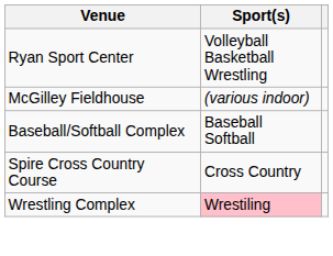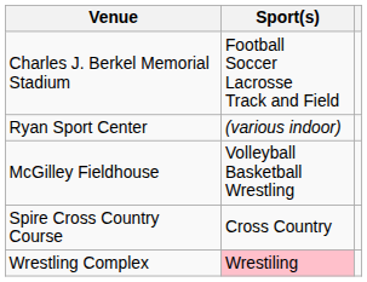 <table class="wikitable"; style= "text-align: ">
 <tr>
 <th width=200px>Venue</th>
 <th width=120px>Sport(s)</th>
 <th width=0px></th>
 </tr>
 <tr>
+<td>Charles J. Berkel Memorial Stadium</td>
+<td>Football  <br> Soccer <br> Lacrosse <br> Track and Field</td>
+<td></td>
+</tr>
+<tr>
 <td>Ryan Sport Center</td>
-<td>Volleyball <br> Basketball <br> Wrestling</td>
+<td><em>(various indoor)</em> </td>
 <td></td>
 </tr>
 <tr>
 <td>McGilley Fieldhouse</td>
-<td><em>(various indoor)</em> </td>
-<td></td>
-</tr>
-<tr>
-<td>Baseball/Softball Complex</td>
-<td>Baseball <br> Softball</td>
+<td>Volleyball <br> Basketball <br> Wrestling</td>
 <td></td>
 </tr>
 <tr>
 <td>Spire Cross Country Course</td>
 <td>Cross Country</td>
 <td></td>
 </tr>
 <tr>
 <td>Wrestling Complex</td>
 <td style="background: pink;">Wrestiling</td>
 <td></td>
 </tr>
 </table>
